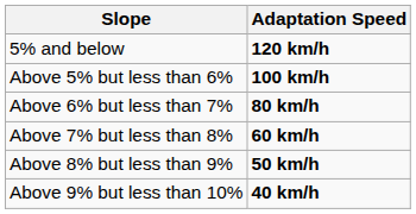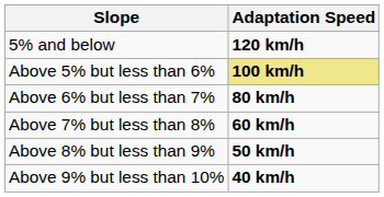 <table class="wikitable">
 <tr>
 <th>Slope</th>
 <th>Adaptation Speed</th>
 </tr>
 <tr>
 <td>5% and below</td>
 <td><strong>120 km/h</strong></td>
 </tr>
 <tr>
 <td>Above 5% but less than 6%</td>
-<td><strong>100 km/h</strong></td>
+<td style="background: khaki;"><strong>100 km/h</strong></td>
 </tr>
 <tr>
 <td>Above 6% but less than 7%</td>
 <td><strong>80 km/h</strong></td>
 </tr>
 <tr>
 <td>Above 7% but less than 8%</td>
 <td><strong>60 km/h</strong></td>
 </tr>
 <tr>
 <td>Above 8% but less than 9%</td>
 <td><strong>50 km/h</strong></td>
 </tr>
 <tr>
 <td>Above 9% but less than 10%</td>
 <td><strong>40 km/h</strong></td>
 </tr>
 </table>
